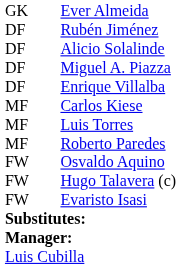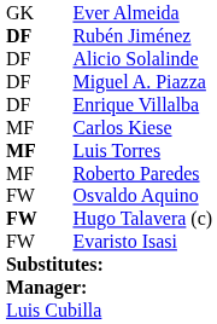 <table style="font-size:90%; margin:0.2em auto;" cellspacing="0" cellpadding="0">
 <tr>
 <th width="25"></th>
 <th width="25"></th>
 </tr>
 <tr>
 <td>GK</td>
 <td></td>
 <td> <a href='#'>Ever Almeida</a></td>
 </tr>
 <tr>
-<td>DF</td>
+<td><strong>DF</strong></td>
 <td></td>
 <td> <a href='#'>Rubén Jiménez</a></td>
 </tr>
 <tr>
 <td>DF</td>
 <td></td>
 <td> <a href='#'>Alicio Solalinde</a></td>
 </tr>
 <tr>
 <td>DF</td>
 <td></td>
 <td> <a href='#'>Miguel A. Piazza</a></td>
 </tr>
 <tr>
 <td>DF</td>
 <td></td>
 <td> <a href='#'>Enrique Villalba</a></td>
 </tr>
 <tr>
 <td>MF</td>
 <td></td>
 <td> <a href='#'>Carlos Kiese</a></td>
 </tr>
 <tr>
-<td>MF</td>
+<td><strong>MF</strong></td>
 <td></td>
 <td> <a href='#'>Luis Torres</a></td>
 </tr>
 <tr>
 <td>MF</td>
 <td></td>
 <td> <a href='#'>Roberto Paredes</a></td>
 </tr>
 <tr>
 <td>FW</td>
 <td></td>
 <td> <a href='#'>Osvaldo Aquino</a></td>
 </tr>
 <tr>
-<td>FW</td>
+<td><strong>FW</strong></td>
 <td></td>
 <td> <a href='#'>Hugo Talavera</a> (c)</td>
 </tr>
 <tr>
 <td>FW</td>
 <td></td>
 <td> <a href='#'>Evaristo Isasi</a></td>
 </tr>
 <tr>
 <td colspan=3><strong>Substitutes:</strong></td>
 </tr>
 <tr>
 <td colspan=3><strong>Manager:</strong></td>
 </tr>
 <tr>
 <td colspan=4> <a href='#'>Luis Cubilla</a></td>
 </tr>
 </table>
